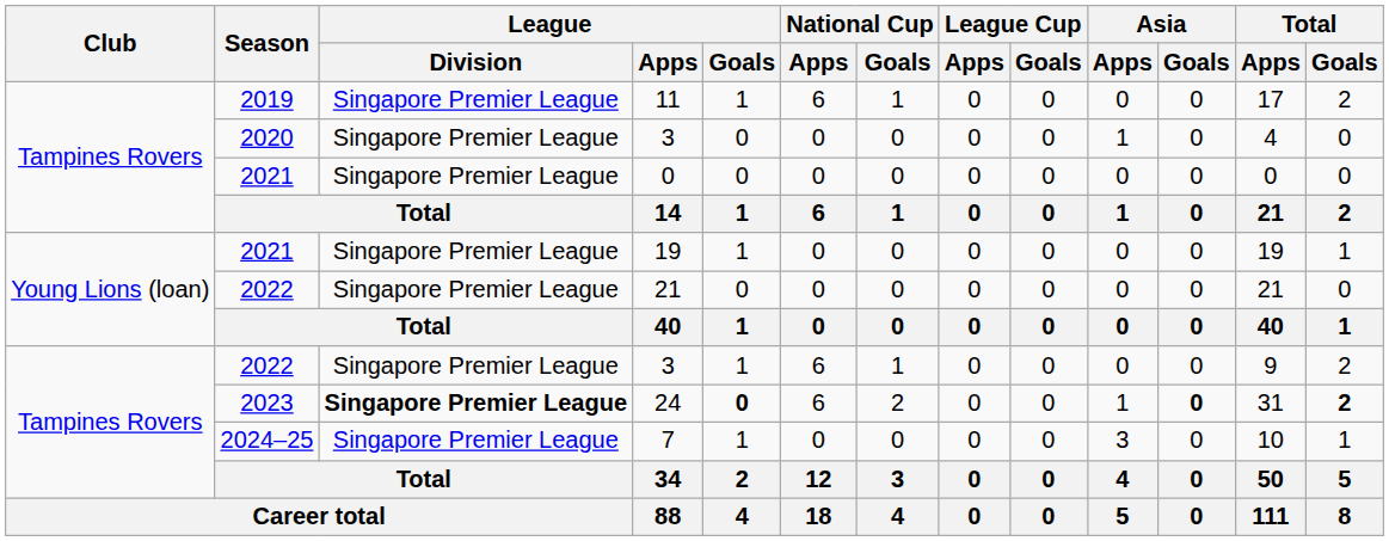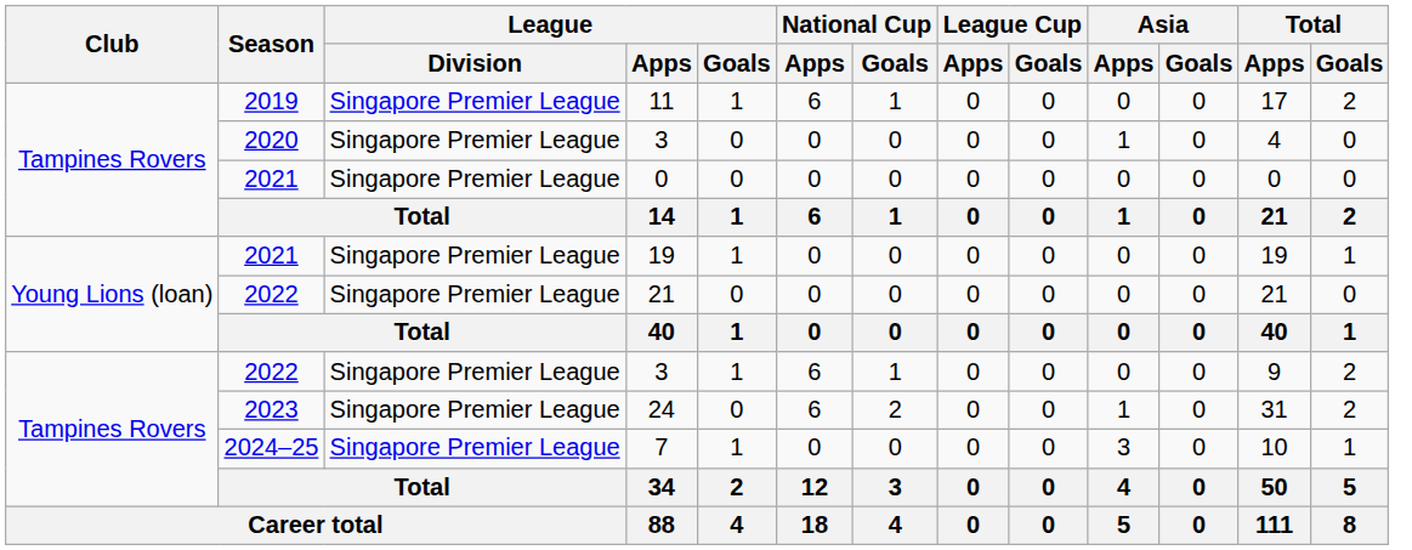 <table class=wikitable style=text-align:center>
 <tr>
 <th rowspan=2>Club</th>
 <th rowspan=2>Season</th>
 <th colspan=3>League</th>
 <th colspan=2>National Cup</th>
 <th colspan=2>League Cup</th>
 <th colspan=2>Asia</th>
 <th colspan=2>Total</th>
 </tr>
 <tr>
 <th>Division</th>
 <th>Apps</th>
 <th>Goals</th>
 <th>Apps</th>
 <th>Goals</th>
 <th>Apps</th>
 <th>Goals</th>
 <th>Apps</th>
 <th>Goals</th>
 <th>Apps</th>
 <th>Goals</th>
 </tr>
 <tr>
 <td rowspan="4"><a href='#'>Tampines Rovers</a></td>
 <td><a href='#'>2019</a></td>
 <td><a href='#'>Singapore Premier League</a></td>
 <td>11</td>
 <td>1</td>
 <td>6</td>
 <td>1</td>
 <td>0</td>
 <td>0</td>
 <td>0</td>
 <td>0</td>
 <td>17</td>
 <td>2</td>
 </tr>
 <tr>
 <td><a href='#'>2020</a></td>
 <td>Singapore Premier League</td>
 <td>3</td>
 <td>0</td>
 <td>0</td>
 <td>0</td>
 <td>0</td>
 <td>0</td>
 <td>1</td>
 <td>0</td>
 <td>4</td>
 <td>0</td>
 </tr>
 <tr>
 <td><a href='#'>2021</a></td>
 <td>Singapore Premier League</td>
 <td>0</td>
 <td>0</td>
 <td>0</td>
 <td>0</td>
 <td>0</td>
 <td>0</td>
 <td>0</td>
 <td>0</td>
 <td>0</td>
 <td>0</td>
 </tr>
 <tr>
 <th colspan=2>Total</th>
 <th>14</th>
 <th>1</th>
 <th>6</th>
 <th>1</th>
 <th>0</th>
 <th>0</th>
 <th>1</th>
 <th>0</th>
 <th>21</th>
 <th>2</th>
 </tr>
 <tr>
 <td rowspan="3"><a href='#'>Young Lions</a> (loan)</td>
 <td><a href='#'>2021</a></td>
 <td>Singapore Premier League</td>
 <td>19</td>
 <td>1</td>
 <td>0</td>
 <td>0</td>
 <td>0</td>
 <td>0</td>
 <td>0</td>
 <td>0</td>
 <td>19</td>
 <td>1</td>
 </tr>
 <tr>
 <td><a href='#'>2022</a></td>
 <td>Singapore Premier League</td>
 <td>21</td>
 <td>0</td>
 <td>0</td>
 <td>0</td>
 <td>0</td>
 <td>0</td>
 <td>0</td>
 <td>0</td>
 <td>21</td>
 <td>0</td>
 </tr>
 <tr>
 <th colspan=2>Total</th>
 <th>40</th>
 <th>1</th>
 <th>0</th>
 <th>0</th>
 <th>0</th>
 <th>0</th>
 <th>0</th>
 <th>0</th>
 <th>40</th>
 <th>1</th>
 </tr>
 <tr>
 <td rowspan="4"><a href='#'>Tampines Rovers</a></td>
 <td><a href='#'>2022</a></td>
 <td>Singapore Premier League</td>
 <td>3</td>
 <td>1</td>
 <td>6</td>
 <td>1</td>
 <td>0</td>
 <td>0</td>
 <td>0</td>
 <td>0</td>
 <td>9</td>
 <td>2</td>
 </tr>
 <tr>
 <td><a href='#'>2023</a></td>
-<td><strong>Singapore Premier League</strong></td>
+<td>Singapore Premier League</td>
 <td>24</td>
-<td><strong>0</strong></td>
+<td>0</td>
 <td>6</td>
 <td>2</td>
 <td>0</td>
 <td>0</td>
 <td>1</td>
-<td><strong>0</strong></td>
+<td>0</td>
 <td>31</td>
-<td><strong>2</strong></td>
+<td>2</td>
 </tr>
 <tr>
 <td><a href='#'>2024–25</a></td>
 <td><a href='#'>Singapore Premier League</a></td>
 <td>7</td>
 <td>1</td>
 <td>0</td>
 <td>0</td>
 <td>0</td>
 <td>0</td>
 <td>3</td>
 <td>0</td>
 <td>10</td>
 <td>1</td>
 </tr>
 <tr>
 <th colspan=2>Total</th>
 <th>34</th>
 <th>2</th>
 <th>12</th>
 <th>3</th>
 <th>0</th>
 <th>0</th>
 <th>4</th>
 <th>0</th>
 <th>50</th>
 <th>5</th>
 </tr>
 <tr>
 <th colspan=3>Career total</th>
 <th>88</th>
 <th>4</th>
 <th>18</th>
 <th>4</th>
 <th>0</th>
 <th>0</th>
 <th>5</th>
 <th>0</th>
 <th>111</th>
 <th>8</th>
 </tr>
 </table>
